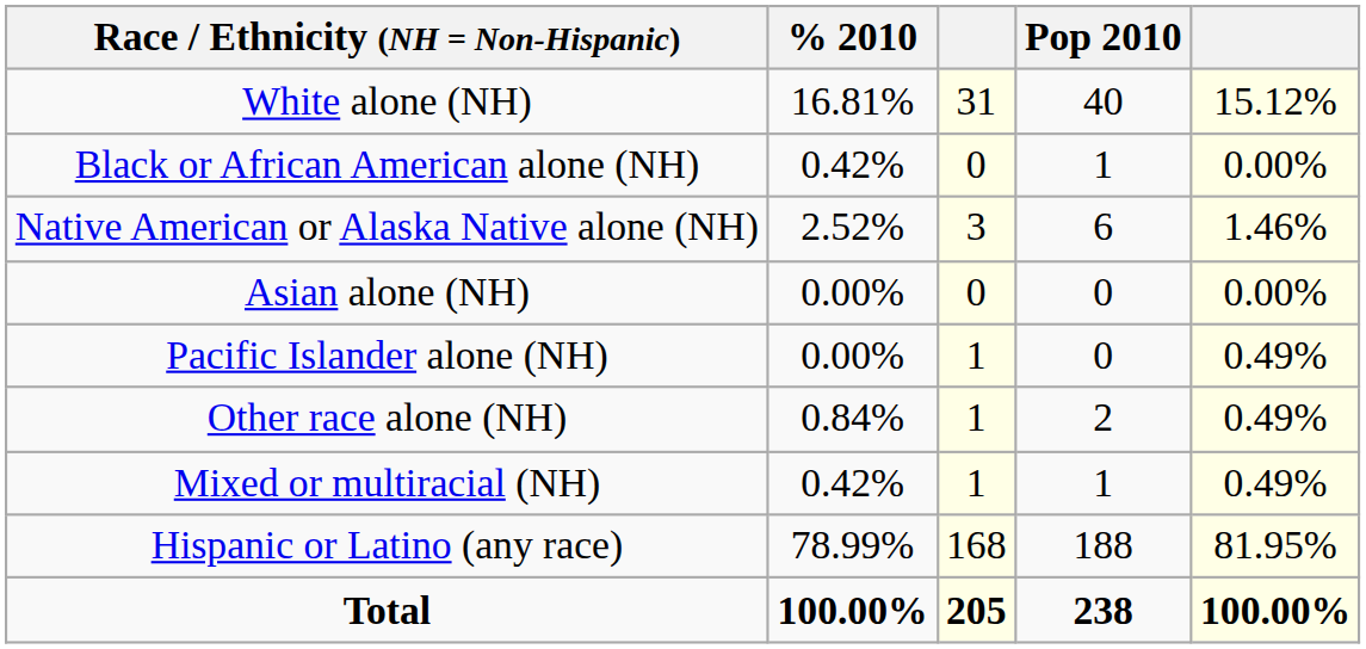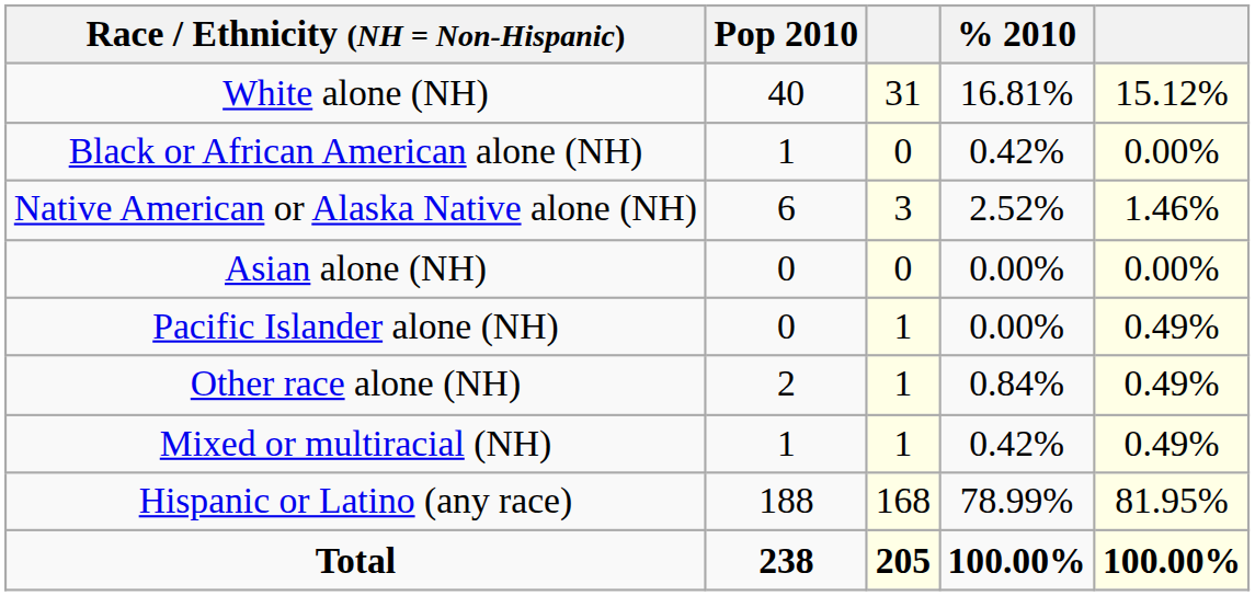 <table class="wikitable" style="text-align:center;">
 <tr>
 <th>Race / Ethnicity <small>(<em>NH = Non-Hispanic</em>)</small></th>
+<th>Pop 2010</th>
+<th></th>
 <th>% 2010</th>
-<th></th>
-<th>Pop 2010</th>
 <th></th>
 </tr>
 <tr>
 <td><a href='#'>White</a> alone (NH)</td>
+<td>40</td>
+<td style='background: #ffffe6;'>31</td>
 <td>16.81%</td>
-<td style='background: #ffffe6;'>31</td>
-<td>40</td>
 <td style='background: #ffffe6;'>15.12%</td>
 </tr>
 <tr>
 <td><a href='#'>Black or African American</a> alone (NH)</td>
+<td>1</td>
+<td style='background: #ffffe6;'>0</td>
 <td>0.42%</td>
-<td style='background: #ffffe6;'>0</td>
-<td>1</td>
 <td style='background: #ffffe6;'>0.00%</td>
 </tr>
 <tr>
 <td><a href='#'>Native American</a> or <a href='#'>Alaska Native</a> alone (NH)</td>
+<td>6</td>
+<td style='background: #ffffe6;'>3</td>
 <td>2.52%</td>
-<td style='background: #ffffe6;'>3</td>
-<td>6</td>
 <td style='background: #ffffe6;'>1.46%</td>
 </tr>
 <tr>
 <td><a href='#'>Asian</a> alone (NH)</td>
+<td>0</td>
+<td style='background: #ffffe6;'>0</td>
 <td>0.00%</td>
-<td style='background: #ffffe6;'>0</td>
-<td>0</td>
 <td style='background: #ffffe6;'>0.00%</td>
 </tr>
 <tr>
 <td><a href='#'>Pacific Islander</a> alone (NH)</td>
+<td>0</td>
+<td style='background: #ffffe6;'>1</td>
 <td>0.00%</td>
-<td style='background: #ffffe6;'>1</td>
-<td>0</td>
 <td style='background: #ffffe6;'>0.49%</td>
 </tr>
 <tr>
 <td><a href='#'>Other race</a> alone (NH)</td>
+<td>2</td>
+<td style='background: #ffffe6;'>1</td>
 <td>0.84%</td>
-<td style='background: #ffffe6;'>1</td>
-<td>2</td>
 <td style='background: #ffffe6;'>0.49%</td>
 </tr>
 <tr>
 <td><a href='#'>Mixed or multiracial</a> (NH)</td>
+<td>1</td>
+<td style='background: #ffffe6;'>1</td>
 <td>0.42%</td>
-<td style='background: #ffffe6;'>1</td>
-<td>1</td>
 <td style='background: #ffffe6;'>0.49%</td>
 </tr>
 <tr>
 <td><a href='#'>Hispanic or Latino</a> (any race)</td>
+<td>188</td>
+<td style='background: #ffffe6;'>168</td>
 <td>78.99%</td>
-<td style='background: #ffffe6;'>168</td>
-<td>188</td>
 <td style='background: #ffffe6;'>81.95%</td>
 </tr>
 <tr>
 <td><strong>Total</strong></td>
+<td><strong>238</strong></td>
+<td style='background: #ffffe6;'><strong>205</strong></td>
 <td><strong>100.00%</strong></td>
-<td style='background: #ffffe6;'><strong>205</strong></td>
-<td><strong>238</strong></td>
 <td style='background: #ffffe6;'><strong>100.00%</strong></td>
 </tr>
 </table>
